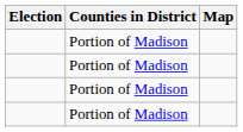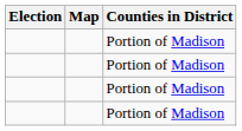 <table class="wikitable">
 <tr>
 <th>Election</th>
+<th>Map</th>
 <th>Counties in District</th>
-<th>Map</th>
 </tr>
 <tr>
 <td></td>
+<td></td>
 <td>Portion of <a href='#'>Madison</a></td>
-<td></td>
 </tr>
 <tr>
 <td></td>
+<td></td>
 <td>Portion of <a href='#'>Madison</a></td>
-<td></td>
 </tr>
 <tr>
 <td></td>
+<td></td>
 <td>Portion of <a href='#'>Madison</a></td>
-<td></td>
 </tr>
 <tr>
 <td></td>
+<td></td>
 <td>Portion of <a href='#'>Madison</a></td>
-<td></td>
 </tr>
 </table>
